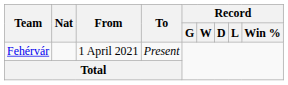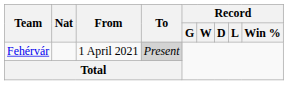 <table class="wikitable" style="text-align: center">
 <tr>
 <th rowspan="2">Team</th>
 <th rowspan="2">Nat</th>
 <th rowspan="2">From</th>
 <th rowspan="2">To</th>
 <th colspan="5">Record</th>
 </tr>
 <tr>
 <th>G</th>
 <th>W</th>
 <th>D</th>
 <th>L</th>
 <th>Win %</th>
 </tr>
 <tr>
 <td align=left><a href='#'>Fehérvár</a></td>
 <td></td>
 <td align=left>1 April 2021</td>
-<td align=left><em> Present </em><br></td>
+<td align=left style="background: lightgrey;"><em> Present </em><br></td>
 </tr>
 <tr>
 <th colspan="4">Total<br></th>
 </tr>
 </table>
